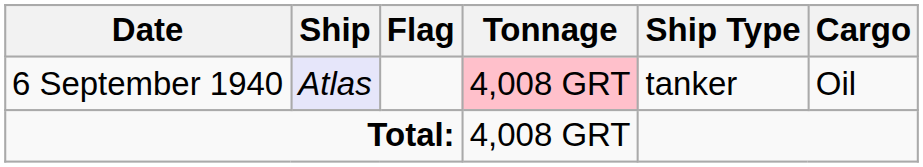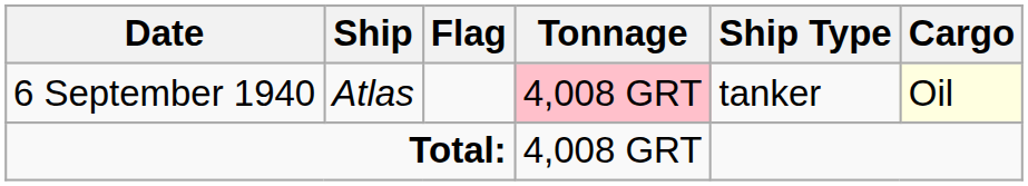 <table class="wikitable" style="margin:1em auto;">
 <tr>
 <th>Date</th>
 <th>Ship</th>
 <th>Flag</th>
 <th>Tonnage</th>
 <th>Ship Type</th>
 <th>Cargo</th>
 </tr>
 <tr>
 <td>6 September 1940</td>
-<td style="background: lavender;"><em>Atlas</em></td>
+<td><em>Atlas</em></td>
 <td></td>
 <td style="background: pink;">4,008 GRT</td>
 <td>tanker</td>
-<td>Oil</td>
+<td style="background: lightyellow;">Oil</td>
 </tr>
 <tr>
 <td colspan=3 align=right><strong>Total:</strong></td>
 <td>4,008 GRT</td>
 <td colspan=2></td>
 </tr>
 </table>
